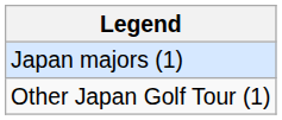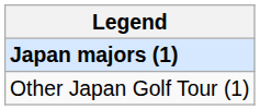 <table class="wikitable" style="font-size:95%;">
 <tr>
 <th>Legend</th>
 </tr>
 <tr style="background:#D6E8FF;">
-<td>Japan majors (1)</td>
+<td><strong>Japan majors (1)</strong></td>
 </tr>
 <tr>
 <td>Other Japan Golf Tour (1)</td>
 </tr>
 </table>
